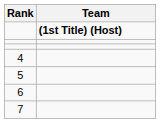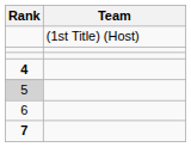 <table class="wikitable" style="text-align: center; font-size:90% ">
 <tr>
 <th width=35>Rank</th>
 <th width=150>Team</th>
 </tr>
 <tr>
 <td></td>
-<td align=left><strong> (1st Title) (Host)</strong></td>
+<td align=left> (1st Title) (Host)</td>
 </tr>
 <tr>
 <td></td>
 <td align=left></td>
 </tr>
 <tr>
 <td></td>
 <td align=left></td>
 </tr>
 <tr>
-<td>4</td>
+<td><strong>4</strong></td>
 <td align=left></td>
 </tr>
 <tr>
-<td>5</td>
+<td style="background: lightgrey;">5</td>
 <td align=left></td>
 </tr>
 <tr>
 <td>6</td>
 <td align=left></td>
 </tr>
 <tr>
-<td>7</td>
+<td><strong>7</strong></td>
 <td align=left></td>
 </tr>
 </table>
